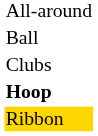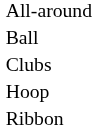 <table>
 <tr>
 <td>All-around<br></td>
 <td></td>
 <td></td>
 <td></td>
 </tr>
 <tr>
 <td>Ball<br></td>
 <td></td>
 <td></td>
 <td></td>
 </tr>
 <tr>
 <td>Clubs<br></td>
 <td></td>
 <td></td>
 <td></td>
 </tr>
 <tr>
-<td><strong>Hoop<br></strong></td>
+<td>Hoop<br></td>
 <td></td>
 <td></td>
 <td></td>
 </tr>
 <tr>
-<td style="background: gold;">Ribbon<br></td>
+<td>Ribbon<br></td>
 <td></td>
 <td></td>
 <td></td>
 </tr>
 </table>
